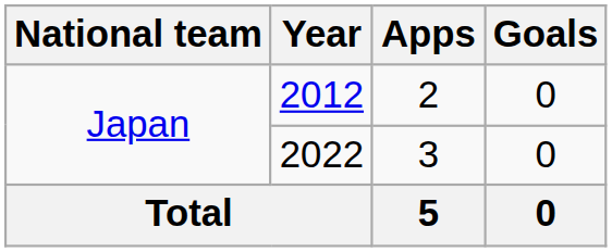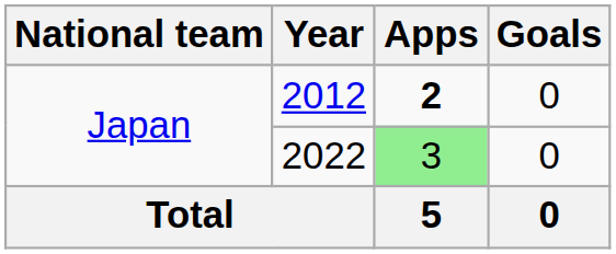 <table class="wikitable" style="text-align:center">
 <tr>
 <th>National team</th>
 <th>Year</th>
 <th>Apps</th>
 <th>Goals</th>
 </tr>
 <tr>
 <td rowspan="2"><a href='#'>Japan</a></td>
 <td><a href='#'>2012</a></td>
-<td>2</td>
+<td><strong>2</strong></td>
 <td>0</td>
 </tr>
 <tr>
 <td>2022</td>
-<td>3</td>
+<td style="background: lightgreen;">3</td>
 <td>0</td>
 </tr>
 <tr>
 <th colspan="2">Total</th>
 <th>5</th>
 <th>0</th>
 </tr>
 </table>
